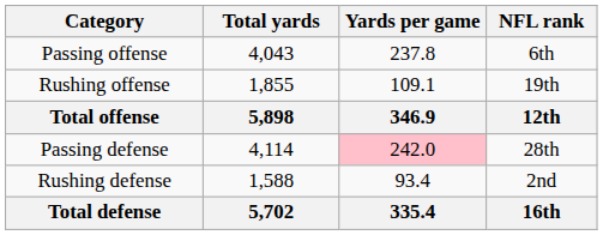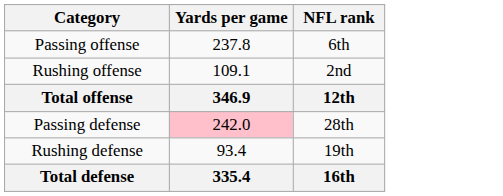 <table class="wikitable" style="text-align:center">
 <tr>
 <th width="150">Category</th>
-<th width="100">Total yards</th>
 <th width="110">Yards per game</th>
 <th width="80">NFL rank<br></th>
 </tr>
 <tr>
 <td>Passing offense</td>
-<td>4,043</td>
 <td>237.8</td>
 <td>6th</td>
 </tr>
 <tr>
 <td>Rushing offense</td>
-<td>1,855</td>
 <td>109.1</td>
-<td>19th</td>
+<td>2nd</td>
 </tr>
 <tr>
 <th>Total offense</th>
-<th>5,898</th>
 <th>346.9</th>
 <th>12th</th>
 </tr>
 <tr>
 <td>Passing defense</td>
-<td>4,114</td>
 <td style="background: pink;">242.0</td>
 <td>28th</td>
 </tr>
 <tr>
 <td>Rushing defense</td>
-<td>1,588</td>
 <td>93.4</td>
-<td>2nd</td>
+<td>19th</td>
 </tr>
 <tr>
 <th>Total defense</th>
-<th>5,702</th>
 <th>335.4</th>
 <th>16th</th>
 </tr>
 </table>
